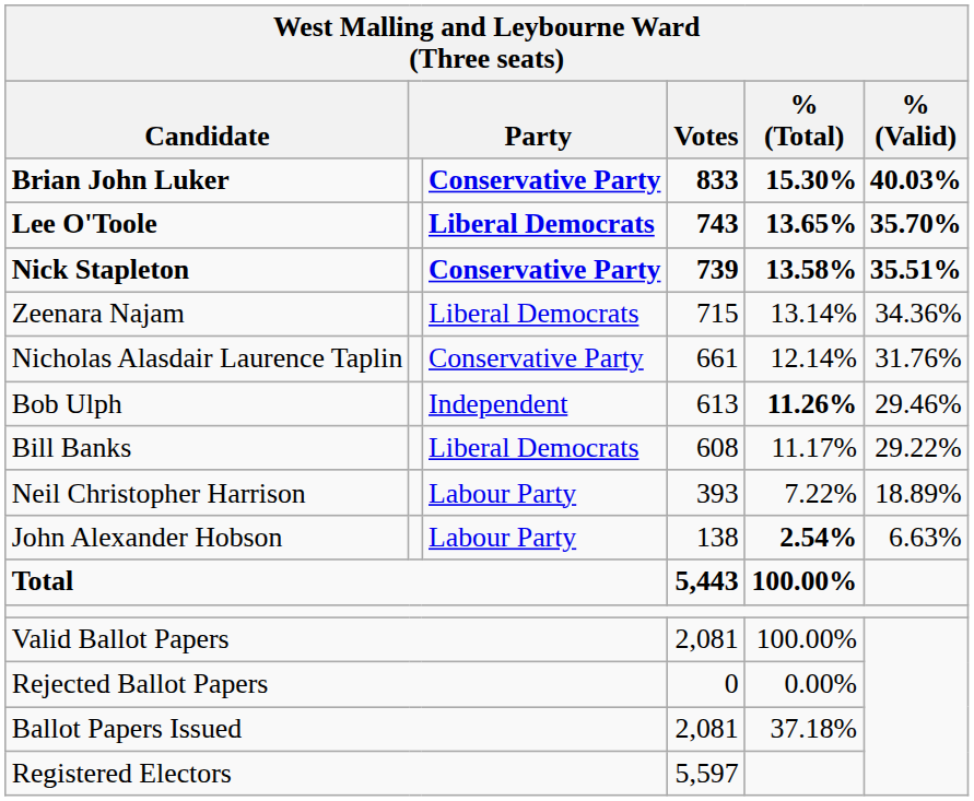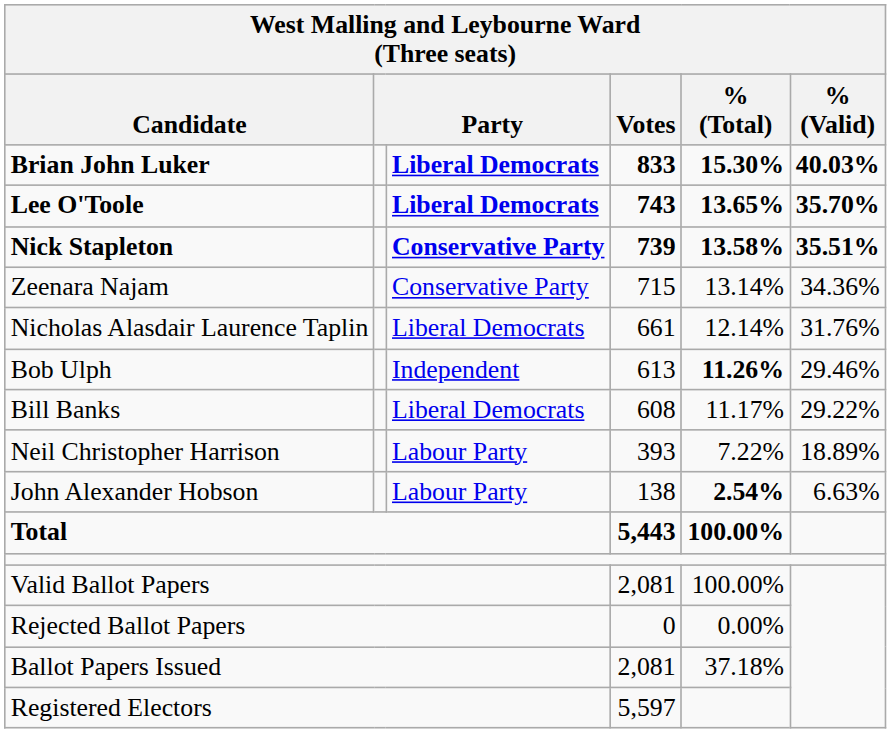 <table class="wikitable" border="1" style="text-align:right; font-size:100%">
 <tr>
 <th align=center colspan=6>West Malling and Leybourne Ward<br>(Three seats)</th>
 </tr>
 <tr>
 <th valign=bottom>Candidate</th>
 <th valign=bottom colspan=2>Party</th>
 <th valign=bottom>Votes</th>
 <th>%<br>(Total)</th>
 <th>%<br>(Valid)</th>
 </tr>
 <tr>
 <td align=left><strong>Brian John Luker</strong></td>
 <td style="background:"></td>
-<td align=left><strong><a href='#'>Conservative Party</a></strong></td>
+<td align=left><strong><a href='#'>Liberal Democrats</a></strong></td>
 <td><strong>833</strong></td>
 <td><strong>15.30%</strong></td>
 <td><strong>40.03%</strong></td>
 </tr>
 <tr>
 <td align=left><strong>Lee O'Toole</strong></td>
 <td style="background:"></td>
 <td align=left><strong><a href='#'>Liberal Democrats</a></strong></td>
 <td><strong>743</strong></td>
 <td><strong>13.65%</strong></td>
 <td><strong>35.70%</strong></td>
 </tr>
 <tr>
 <td align=left><strong>Nick Stapleton</strong></td>
 <td style="background:"></td>
 <td align=left><strong><a href='#'>Conservative Party</a></strong></td>
 <td><strong>739</strong></td>
 <td><strong>13.58%</strong></td>
 <td><strong>35.51%</strong></td>
 </tr>
 <tr>
 <td align=left>Zeenara Najam</td>
 <td style="background:"></td>
-<td align=left><a href='#'>Liberal Democrats</a></td>
+<td align=left><a href='#'>Conservative Party</a></td>
 <td>715</td>
 <td>13.14%</td>
 <td>34.36%</td>
 </tr>
 <tr>
 <td align=left>Nicholas Alasdair Laurence Taplin</td>
 <td style="background:"></td>
-<td align=left><a href='#'>Conservative Party</a></td>
+<td align=left><a href='#'>Liberal Democrats</a></td>
 <td>661</td>
 <td>12.14%</td>
 <td>31.76%</td>
 </tr>
 <tr>
 <td align=left>Bob Ulph</td>
 <td style="background:"></td>
 <td align=left><a href='#'>Independent</a></td>
 <td>613</td>
 <td><strong>11.26%</strong></td>
 <td>29.46%</td>
 </tr>
 <tr>
 <td align=left>Bill Banks</td>
 <td style="background:"></td>
 <td align=left><a href='#'>Liberal Democrats</a></td>
 <td>608</td>
 <td>11.17%</td>
 <td>29.22%</td>
 </tr>
 <tr>
 <td align=left>Neil Christopher Harrison</td>
 <td style="background:"></td>
 <td align=left><a href='#'>Labour Party</a></td>
 <td>393</td>
 <td>7.22%</td>
 <td>18.89%</td>
 </tr>
 <tr>
 <td align=left>John Alexander Hobson</td>
 <td style="background:"></td>
 <td align=left><a href='#'>Labour Party</a></td>
 <td>138</td>
 <td><strong>2.54%</strong></td>
 <td>6.63%</td>
 </tr>
 <tr style="font-weight:bold">
 <td align=left colspan=3>Total</td>
 <td>5,443</td>
 <td>100.00%</td>
 <td></td>
 </tr>
 <tr>
 <td align=left colspan=6></td>
 </tr>
 <tr>
 <td align=left colspan=3>Valid Ballot Papers</td>
 <td>2,081</td>
 <td>100.00%</td>
 <td rowspan=4></td>
 </tr>
 <tr>
 <td align=left colspan=3>Rejected Ballot Papers</td>
 <td>0</td>
 <td>0.00%</td>
 </tr>
 <tr>
 <td align=left colspan=3>Ballot Papers Issued</td>
 <td>2,081</td>
 <td>37.18%</td>
 </tr>
 <tr>
 <td align=left colspan=3>Registered Electors</td>
 <td>5,597</td>
 <td></td>
 </tr>
 </table>
